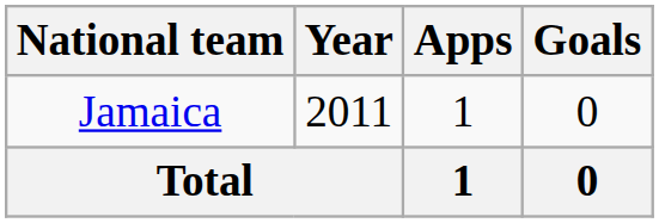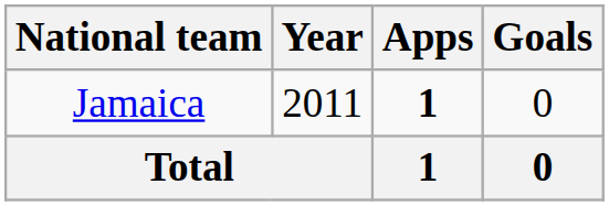 <table class="wikitable" style="text-align:center">
 <tr>
 <th>National team</th>
 <th>Year</th>
 <th>Apps</th>
 <th>Goals</th>
 </tr>
 <tr>
 <td><a href='#'>Jamaica</a></td>
 <td>2011</td>
-<td>1</td>
+<td><strong>1</strong></td>
 <td>0</td>
 </tr>
 <tr>
 <th colspan="2">Total</th>
 <th>1</th>
 <th>0</th>
 </tr>
 </table>
